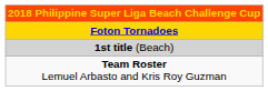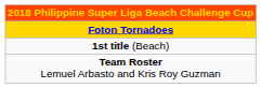 <table class=wikitable style="text-align:center; margin:auto;">
 <tr>
 <th style="background:#FF4500; color:#FFD700;">2018 Philippine Super Liga Beach Challenge Cup</th>
 </tr>
 <tr bgcolor="gold">
 <td><strong><a href='#'>Foton Tornadoes</a></strong></td>
 </tr>
 <tr>
-<td style="background: lightgrey;"><strong>1st title</strong> (Beach)</td>
+<td><strong>1st title</strong> (Beach)</td>
 </tr>
 <tr>
 <td><strong>Team Roster</strong><br>Lemuel Arbasto and Kris Roy Guzman</td>
 </tr>
 </table>
